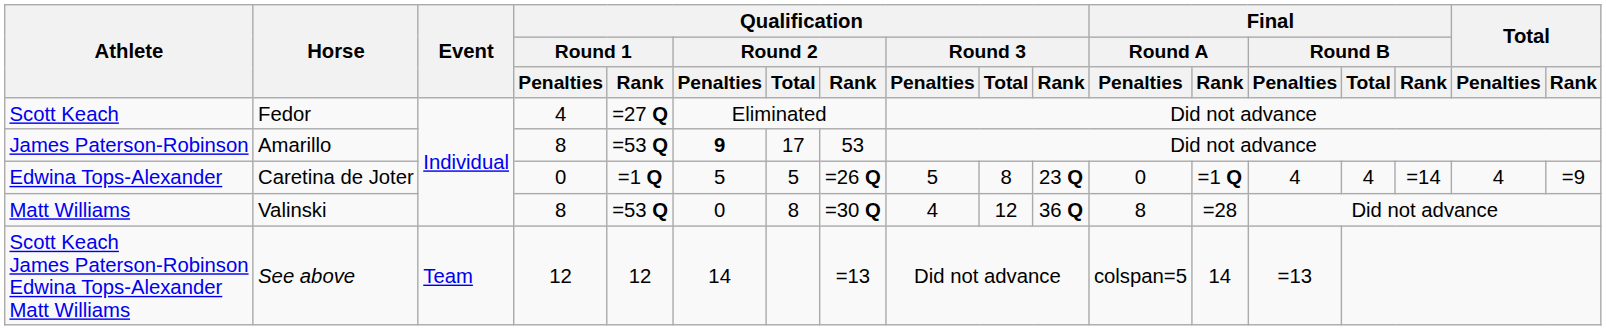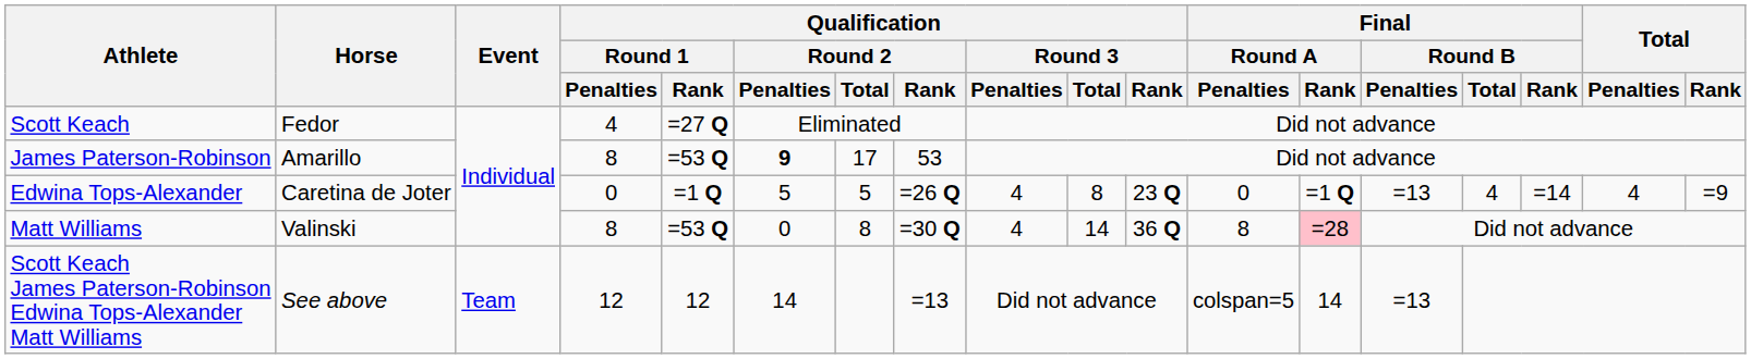 <table class="wikitable" style="font-size:90%">
 <tr>
 <th rowspan="3">Athlete</th>
 <th rowspan="3">Horse</th>
 <th rowspan="3">Event</th>
 <th colspan="8">Qualification</th>
 <th colspan="5">Final</th>
 <th rowspan=2 colspan="2">Total</th>
 </tr>
 <tr style="font-size:95%">
 <th colspan="2">Round 1</th>
 <th colspan="3">Round 2</th>
 <th colspan="3">Round 3</th>
 <th colspan="2">Round A</th>
 <th colspan="3">Round B</th>
 </tr>
 <tr style="font-size:95%">
 <th>Penalties</th>
 <th>Rank</th>
 <th>Penalties</th>
 <th>Total</th>
 <th>Rank</th>
 <th>Penalties</th>
 <th>Total</th>
 <th>Rank</th>
 <th>Penalties</th>
 <th>Rank</th>
 <th>Penalties</th>
 <th>Total</th>
 <th>Rank</th>
 <th>Penalties</th>
 <th>Rank</th>
 </tr>
 <tr align=center>
 <td align=left><a href='#'>Scott Keach</a></td>
 <td align=left>Fedor</td>
 <td align=left rowspan=4><a href='#'>Individual</a></td>
 <td>4</td>
 <td>=27 <strong>Q</strong></td>
 <td colspan=3>Eliminated</td>
 <td colspan=10>Did not advance</td>
 </tr>
 <tr align=center>
 <td align=left><a href='#'>James Paterson-Robinson</a></td>
 <td align=left>Amarillo</td>
 <td>8</td>
 <td>=53 <strong>Q</strong></td>
 <td><strong>9</strong></td>
 <td>17</td>
 <td>53</td>
 <td colspan=10>Did not advance</td>
 </tr>
 <tr align=center>
 <td align=left><a href='#'>Edwina Tops-Alexander</a></td>
 <td align=left>Caretina de Joter</td>
 <td>0</td>
 <td>=1 <strong>Q</strong></td>
 <td>5</td>
 <td>5</td>
 <td>=26 <strong>Q</strong></td>
-<td>5</td>
+<td>4</td>
 <td>8</td>
 <td>23 <strong>Q</strong></td>
 <td>0</td>
 <td>=1 <strong>Q</strong></td>
-<td>4</td>
+<td>=13</td>
 <td>4</td>
 <td>=14</td>
 <td>4</td>
 <td>=9</td>
 </tr>
 <tr align=center>
 <td align=left><a href='#'>Matt Williams</a></td>
 <td align=left>Valinski</td>
 <td>8</td>
 <td>=53 <strong>Q</strong></td>
 <td>0</td>
 <td>8</td>
 <td>=30 <strong>Q</strong></td>
 <td>4</td>
-<td>12</td>
+<td>14</td>
 <td>36 <strong>Q</strong></td>
 <td>8</td>
-<td>=28</td>
+<td style="background: pink;">=28</td>
 <td colspan=5>Did not advance</td>
 </tr>
 <tr align=center>
 <td align=left><a href='#'>Scott Keach</a><br><a href='#'>James Paterson-Robinson</a><br><a href='#'>Edwina Tops-Alexander</a><br><a href='#'>Matt Williams</a></td>
 <td align=left><em>See above</em></td>
 <td align=left><a href='#'>Team</a></td>
 <td>12</td>
 <td>12</td>
 <td>14</td>
 <td></td>
 <td>=13</td>
 <td colspan=3>Did not advance</td>
 <td>colspan=5 </td>
 <td>14</td>
 <td>=13</td>
 </tr>
 </table>
